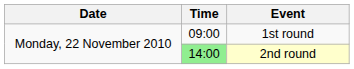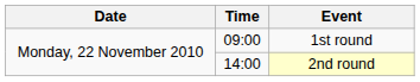 <table class = "wikitable" style="text-align:center;">
 <tr>
 <th width=220>Date</th>
 <th width=50>Time</th>
 <th width=150>Event</th>
 </tr>
 <tr>
 <td rowspan=2>Monday, 22 November 2010</td>
 <td>09:00</td>
 <td>1st round</td>
 </tr>
 <tr>
-<td style="background: lightgreen;">14:00</td>
+<td>14:00</td>
 <td bgcolor=ffffcc>2nd round</td>
 </tr>
 </table>
